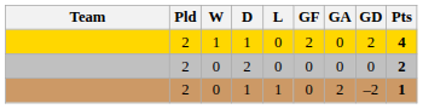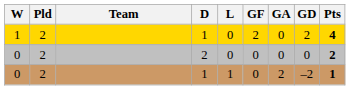 <table class="wikitable" style="text-align: center;">
 <tr>
+<th width=25>W</th>
+<th width=25>Pld</th>
 <th width=165>Team</th>
-<th width=25>Pld</th>
-<th width=25>W</th>
 <th width=25>D</th>
 <th width=25>L</th>
 <th width=25>GF</th>
 <th width=25>GA</th>
 <th width=25>GD</th>
 <th width=25>Pts</th>
 </tr>
 <tr bgcolor=gold>
+<td>1</td>
+<td>2</td>
 <td align="left"></td>
-<td>2</td>
-<td>1</td>
 <td>1</td>
 <td>0</td>
 <td>2</td>
 <td>0</td>
 <td>2</td>
 <td><strong>4</strong></td>
 </tr>
 <tr bgcolor=silver>
+<td>0</td>
+<td>2</td>
 <td align="left"></td>
-<td>2</td>
-<td>0</td>
 <td>2</td>
 <td>0</td>
 <td>0</td>
 <td>0</td>
 <td>0</td>
 <td><strong>2</strong></td>
 </tr>
 <tr bgcolor=#cc9966>
+<td>0</td>
+<td>2</td>
 <td align="left"></td>
-<td>2</td>
-<td>0</td>
 <td>1</td>
 <td>1</td>
 <td>0</td>
 <td>2</td>
 <td>–2</td>
 <td><strong>1</strong></td>
 </tr>
 </table>
